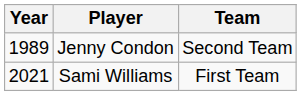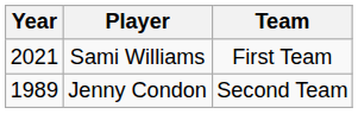 <table class="wikitable" style="text-align: center">
 <tr align=center>
 <th>Year</th>
 <th>Player</th>
 <th>Team</th>
 </tr>
 <tr>
+<td>2021</td>
+<td>Sami Williams</td>
+<td>First Team</td>
+</tr>
+<tr>
 <td>1989</td>
 <td>Jenny Condon</td>
 <td>Second Team</td>
 </tr>
-<tr>
-<td>2021</td>
-<td>Sami Williams</td>
-<td>First Team</td>
-</tr>
 </table>
